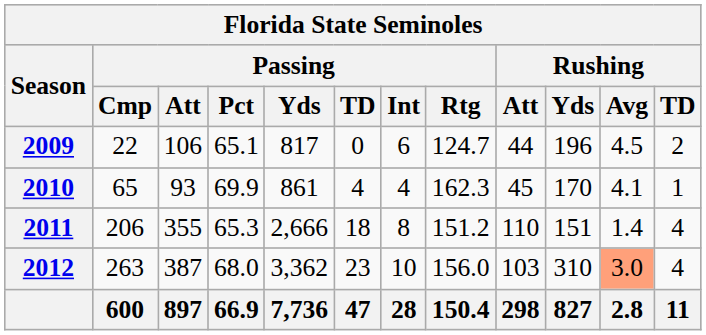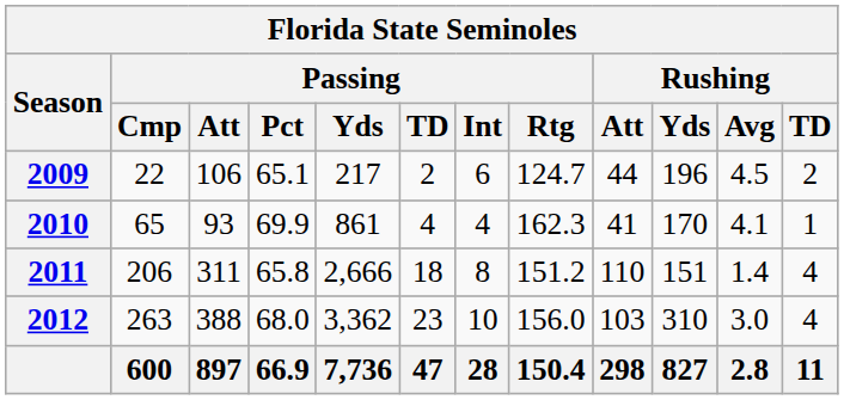 <table class=wikitable style="text-align:center;">
 <tr>
 <th colspan="15">Florida State Seminoles</th>
 </tr>
 <tr>
 <th rowspan="2">Season</th>
 <th colspan="7">Passing</th>
 <th colspan="4">Rushing</th>
 </tr>
 <tr>
 <th>Cmp</th>
 <th>Att</th>
 <th>Pct</th>
 <th>Yds</th>
 <th>TD</th>
 <th>Int</th>
 <th>Rtg</th>
 <th>Att</th>
 <th>Yds</th>
 <th>Avg</th>
 <th>TD</th>
 </tr>
 <tr>
 <th><a href='#'>2009</a></th>
 <td>22</td>
 <td>106</td>
 <td>65.1</td>
-<td>817</td>
-<td>0</td>
+<td>217</td>
+<td>2</td>
 <td>6</td>
 <td>124.7</td>
 <td>44</td>
 <td>196</td>
 <td>4.5</td>
 <td>2</td>
 </tr>
 <tr>
 <th><a href='#'>2010</a></th>
 <td>65</td>
 <td>93</td>
 <td>69.9</td>
 <td>861</td>
 <td>4</td>
 <td>4</td>
 <td>162.3</td>
-<td>45</td>
+<td>41</td>
 <td>170</td>
 <td>4.1</td>
 <td>1</td>
 </tr>
 <tr>
 <th><a href='#'>2011</a></th>
 <td>206</td>
-<td>355</td>
-<td>65.3</td>
+<td>311</td>
+<td>65.8</td>
 <td>2,666</td>
 <td>18</td>
 <td>8</td>
 <td>151.2</td>
 <td>110</td>
 <td>151</td>
 <td>1.4</td>
 <td>4</td>
 </tr>
 <tr>
 <th><a href='#'>2012</a></th>
 <td>263</td>
-<td>387</td>
+<td>388</td>
 <td>68.0</td>
 <td>3,362</td>
 <td>23</td>
 <td>10</td>
 <td>156.0</td>
 <td>103</td>
 <td>310</td>
-<td style="background: lightsalmon;">3.0</td>
+<td>3.0</td>
 <td>4</td>
 </tr>
 <tr>
 <th></th>
 <th>600</th>
 <th>897</th>
 <th>66.9</th>
 <th>7,736</th>
 <th>47</th>
 <th>28</th>
 <th>150.4</th>
 <th>298</th>
 <th>827</th>
 <th>2.8</th>
 <th>11</th>
 </tr>
 </table>
